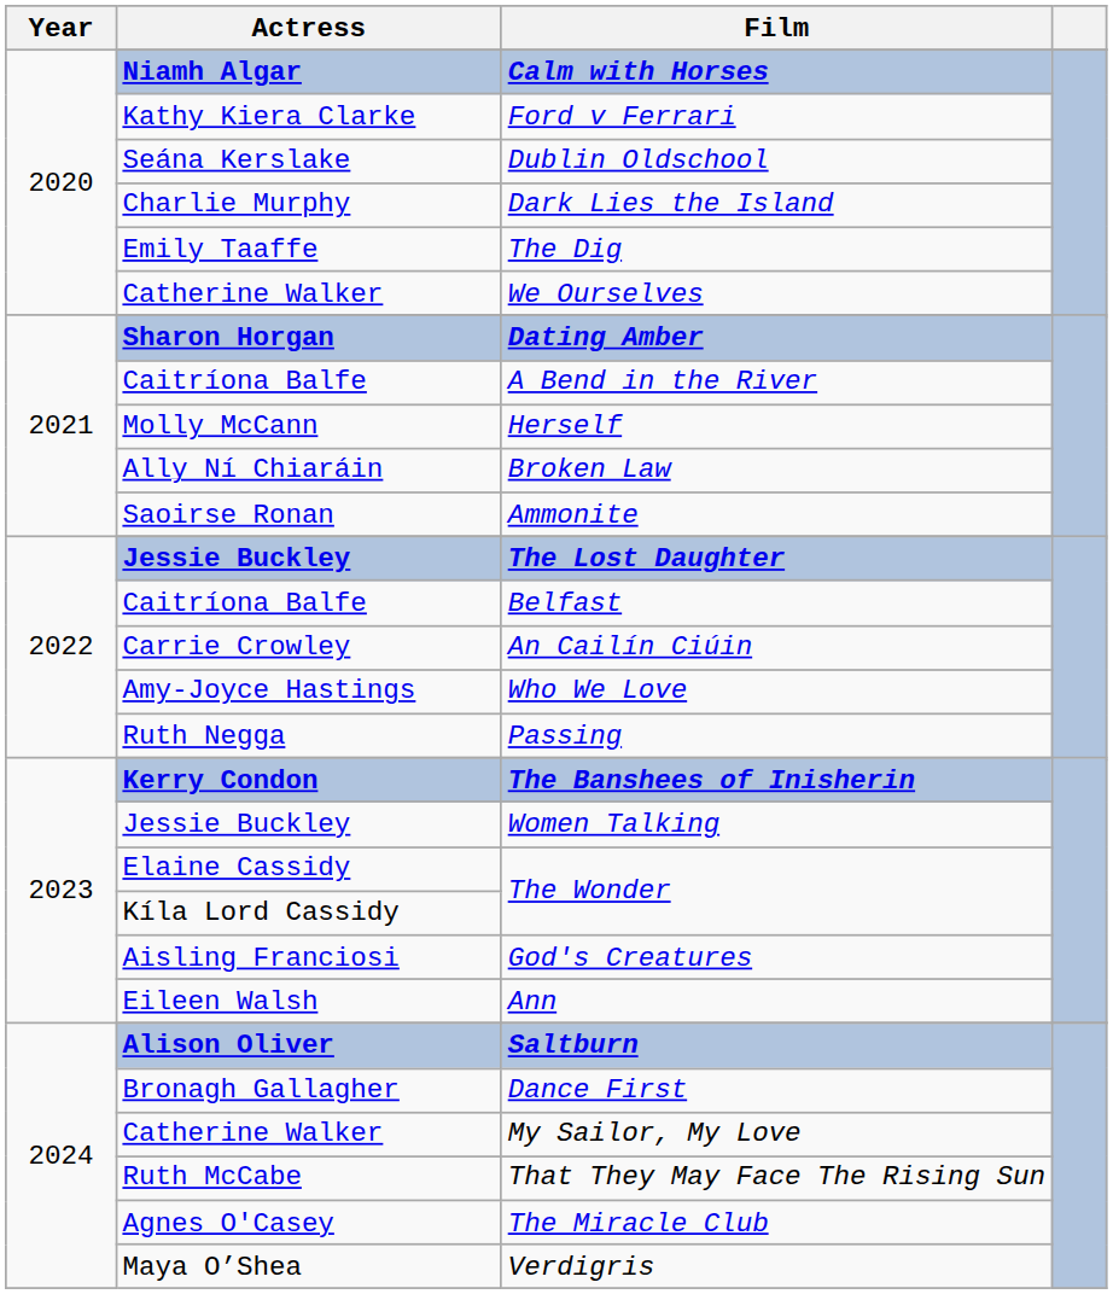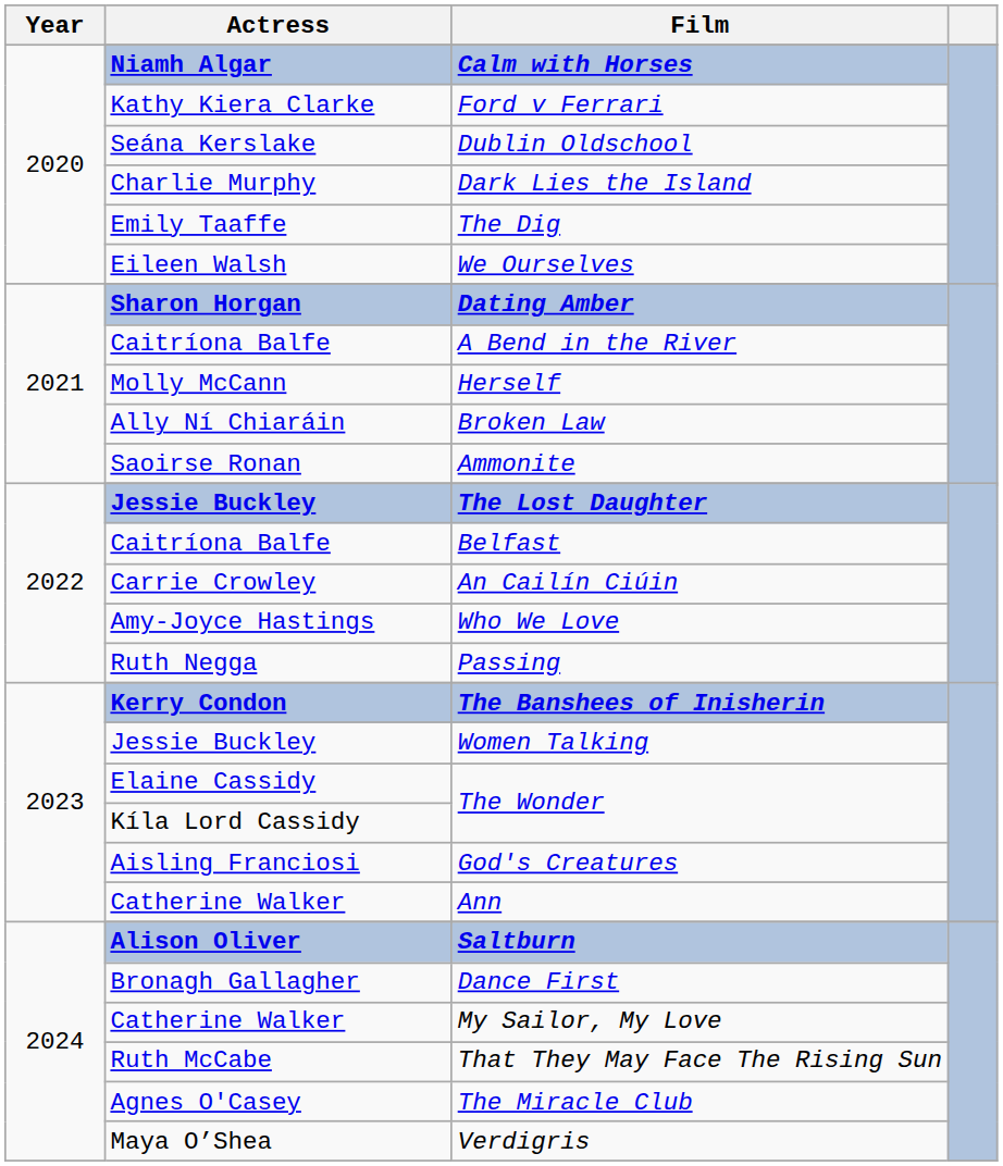 <table class="wikitable sortable">
 <tr>
 <th scope="col" style="width:10%;">Year</th>
 <th scope="col" style="width:35%;">Actress</th>
 <th scope="col" style="width:50%;">Film</th>
 <th scope="col" style="width:5%;" class="unsortable"></th>
 </tr>
 <tr>
 <td rowspan="7" align="center">2020<br></td>
 </tr>
 <tr style="background:#B0C4DE">
 <td><strong><a href='#'>Niamh Algar</a></strong></td>
 <td><strong><em><a href='#'>Calm with Horses</a></em></strong></td>
 <td rowspan="7" align="center"></td>
 </tr>
 <tr>
 <td><a href='#'>Kathy Kiera Clarke</a></td>
 <td><em><a href='#'>Ford v Ferrari</a></em></td>
 </tr>
 <tr>
 <td><a href='#'>Seána Kerslake</a></td>
 <td><em><a href='#'>Dublin Oldschool</a></em></td>
 </tr>
 <tr>
 <td><a href='#'>Charlie Murphy</a></td>
 <td><em><a href='#'>Dark Lies the Island</a></em></td>
 </tr>
 <tr>
 <td><a href='#'>Emily Taaffe</a></td>
 <td><em><a href='#'>The Dig</a></em></td>
 </tr>
 <tr>
-<td><a href='#'>Catherine Walker</a></td>
+<td><a href='#'>Eileen Walsh</a></td>
 <td><em><a href='#'>We Ourselves</a></em></td>
 </tr>
 <tr>
 <td rowspan="6" align="center">2021<br></td>
 </tr>
 <tr style="background:#B0C4DE">
 <td><strong><a href='#'>Sharon Horgan</a></strong></td>
 <td><strong><em><a href='#'>Dating Amber</a></em></strong></td>
 <td rowspan="6" align="center"></td>
 </tr>
 <tr>
 <td><a href='#'>Caitríona Balfe</a></td>
 <td><em><a href='#'>A Bend in the River</a></em></td>
 </tr>
 <tr>
 <td><a href='#'>Molly McCann</a></td>
 <td><em><a href='#'>Herself</a></em></td>
 </tr>
 <tr>
 <td><a href='#'>Ally Ní Chiaráin</a></td>
 <td><em><a href='#'>Broken Law</a></em></td>
 </tr>
 <tr>
 <td><a href='#'>Saoirse Ronan</a></td>
 <td><em><a href='#'>Ammonite</a></em></td>
 </tr>
 <tr>
 <td rowspan="6" align="center">2022 <br></td>
 </tr>
 <tr style="background:#B0C4DE">
 <td><strong><a href='#'>Jessie Buckley</a></strong></td>
 <td><strong><em><a href='#'>The Lost Daughter</a></em></strong></td>
 <td rowspan="6" align="center"></td>
 </tr>
 <tr>
 <td><a href='#'>Caitríona Balfe</a></td>
 <td><em><a href='#'>Belfast</a></em></td>
 </tr>
 <tr>
 <td><a href='#'>Carrie Crowley</a></td>
 <td><em><a href='#'>An Cailín Ciúin</a></em></td>
 </tr>
 <tr>
 <td><a href='#'>Amy-Joyce Hastings</a></td>
 <td><em><a href='#'>Who We Love</a></em></td>
 </tr>
 <tr>
 <td><a href='#'>Ruth Negga</a></td>
 <td><em><a href='#'>Passing</a></em></td>
 </tr>
 <tr>
 <td rowspan="7" align="center">2023 <br></td>
 </tr>
 <tr style="background:#B0C4DE">
 <td><strong><a href='#'>Kerry Condon</a></strong></td>
 <td><strong><em><a href='#'>The Banshees of Inisherin</a></em></strong></td>
 <td rowspan="6" align="center"></td>
 </tr>
 <tr>
 <td><a href='#'>Jessie Buckley</a></td>
 <td><em><a href='#'>Women Talking</a></em></td>
 </tr>
 <tr>
 <td><a href='#'>Elaine Cassidy</a></td>
 <td rowspan="2"><em><a href='#'>The Wonder</a></em></td>
 </tr>
 <tr>
 <td>Kíla Lord Cassidy</td>
 </tr>
 <tr>
 <td><a href='#'>Aisling Franciosi</a></td>
 <td><em><a href='#'>God's Creatures</a></em></td>
 </tr>
 <tr>
-<td><a href='#'>Eileen Walsh</a></td>
+<td><a href='#'>Catherine Walker</a></td>
 <td><em><a href='#'>Ann</a></em></td>
 </tr>
 <tr>
 <td rowspan="7" align="center">2024 <br></td>
 </tr>
 <tr style="background:#B0C4DE">
 <td><strong><a href='#'>Alison Oliver</a></strong></td>
 <td><strong><em><a href='#'>Saltburn</a></em></strong></td>
 <td rowspan="6" align="center"></td>
 </tr>
 <tr>
 <td><a href='#'>Bronagh Gallagher</a></td>
 <td><em><a href='#'>Dance First</a></em></td>
 </tr>
 <tr>
 <td><a href='#'>Catherine Walker</a></td>
 <td><em>My Sailor, My Love</em></td>
 </tr>
 <tr>
 <td><a href='#'>Ruth McCabe</a></td>
 <td><em>That They May Face The Rising Sun</em></td>
 </tr>
 <tr>
 <td><a href='#'>Agnes O'Casey</a></td>
 <td><em><a href='#'>The Miracle Club</a></em></td>
 </tr>
 <tr>
 <td>Maya O’Shea</td>
 <td><em>Verdigris</em></td>
 </tr>
 </table>
